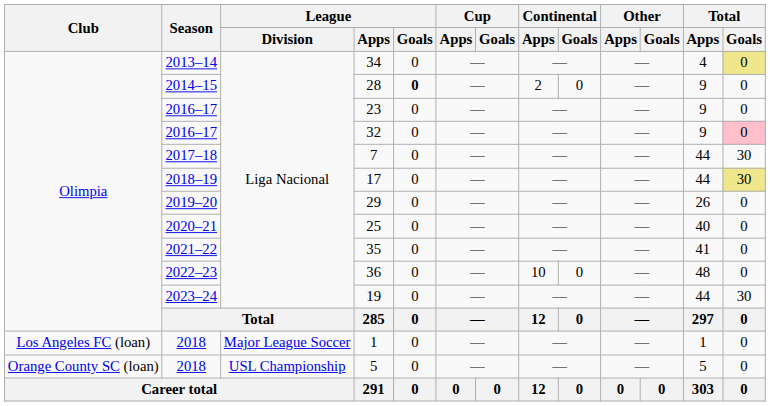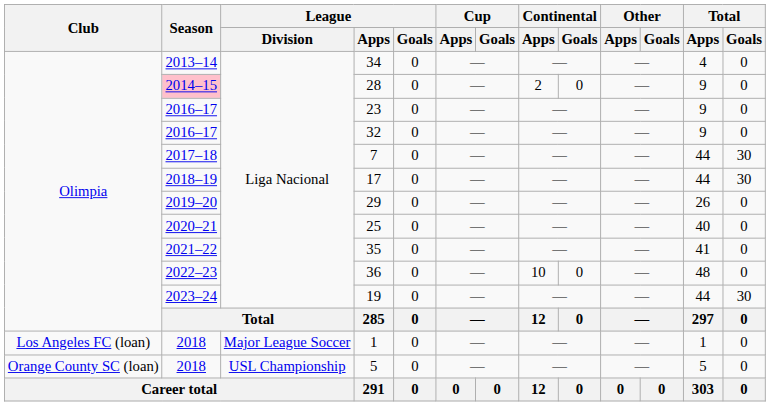 <table class="wikitable" style="text-align:center">
 <tr>
 <th rowspan="2">Club</th>
 <th rowspan="2">Season</th>
 <th colspan="3">League</th>
 <th colspan="2">Cup</th>
 <th colspan="2">Continental</th>
 <th colspan="2">Other</th>
 <th colspan="2">Total</th>
 </tr>
 <tr>
 <th>Division</th>
 <th>Apps</th>
 <th>Goals</th>
 <th>Apps</th>
 <th>Goals</th>
 <th>Apps</th>
 <th>Goals</th>
 <th>Apps</th>
 <th>Goals</th>
 <th>Apps</th>
 <th>Goals</th>
 </tr>
 <tr>
 <td rowspan="12"><a href='#'>Olimpia</a></td>
 <td><a href='#'>2013–14</a></td>
 <td rowspan="11">Liga Nacional</td>
 <td>34</td>
 <td>0</td>
 <td colspan="2">—</td>
 <td colspan="2">—</td>
 <td colspan="2">—</td>
 <td>4</td>
-<td style="background: khaki;">0</td>
+<td>0</td>
 </tr>
 <tr>
-<td><a href='#'>2014–15</a></td>
+<td style="background: pink;"><a href='#'>2014–15</a></td>
 <td>28</td>
-<td><strong>0</strong></td>
+<td>0</td>
 <td colspan="2">—</td>
 <td>2</td>
 <td>0</td>
 <td colspan="2">—</td>
 <td>9</td>
 <td>0</td>
 </tr>
 <tr>
 <td><a href='#'>2016–17</a></td>
 <td>23</td>
 <td>0</td>
 <td colspan="2">—</td>
 <td colspan="2">—</td>
 <td colspan="2">—</td>
 <td>9</td>
 <td>0</td>
 </tr>
 <tr>
 <td><a href='#'>2016–17</a></td>
 <td>32</td>
 <td>0</td>
 <td colspan="2">—</td>
 <td colspan="2">—</td>
 <td colspan="2">—</td>
 <td>9</td>
-<td style="background: pink;">0</td>
+<td>0</td>
 </tr>
 <tr>
 <td><a href='#'>2017–18</a></td>
 <td>7</td>
 <td>0</td>
 <td colspan="2">—</td>
 <td colspan="2">—</td>
 <td colspan="2">—</td>
 <td>44</td>
 <td>30</td>
 </tr>
 <tr>
 <td><a href='#'>2018–19</a></td>
 <td>17</td>
 <td>0</td>
 <td colspan="2">—</td>
 <td colspan="2">—</td>
 <td colspan="2">—</td>
 <td>44</td>
-<td style="background: khaki;">30</td>
+<td>30</td>
 </tr>
 <tr>
 <td><a href='#'>2019–20</a></td>
 <td>29</td>
 <td>0</td>
 <td colspan="2">—</td>
 <td colspan="2">—</td>
 <td colspan="2">—</td>
 <td>26</td>
 <td>0</td>
 </tr>
 <tr>
 <td><a href='#'>2020–21</a></td>
 <td>25</td>
 <td>0</td>
 <td colspan="2">—</td>
 <td colspan="2">—</td>
 <td colspan="2">—</td>
 <td>40</td>
 <td>0</td>
 </tr>
 <tr>
 <td><a href='#'>2021–22</a></td>
 <td>35</td>
 <td>0</td>
 <td colspan="2">—</td>
 <td colspan="2">—</td>
 <td colspan="2">—</td>
 <td>41</td>
 <td>0</td>
 </tr>
 <tr>
 <td><a href='#'>2022–23</a></td>
 <td>36</td>
 <td>0</td>
 <td colspan="2">—</td>
 <td>10</td>
 <td>0</td>
 <td colspan="2">—</td>
 <td>48</td>
 <td>0</td>
 </tr>
 <tr>
 <td><a href='#'>2023–24</a></td>
 <td>19</td>
 <td>0</td>
 <td colspan="2">—</td>
 <td colspan="2">—</td>
 <td colspan="2">—</td>
 <td>44</td>
 <td>30</td>
 </tr>
 <tr>
 <th colspan="2">Total</th>
 <th>285</th>
 <th>0</th>
 <th colspan="2">—</th>
 <th>12</th>
 <th>0</th>
 <th colspan="2">—</th>
 <th>297</th>
 <th>0</th>
 </tr>
 <tr>
 <td><a href='#'>Los Angeles FC</a> (loan)</td>
 <td><a href='#'>2018</a></td>
 <td><a href='#'>Major League Soccer</a></td>
 <td>1</td>
 <td>0</td>
 <td colspan="2">—</td>
 <td colspan="2">—</td>
 <td colspan="2">—</td>
 <td>1</td>
 <td>0</td>
 </tr>
 <tr>
 <td><a href='#'>Orange County SC</a> (loan)</td>
 <td><a href='#'>2018</a></td>
 <td><a href='#'>USL Championship</a></td>
 <td>5</td>
 <td>0</td>
 <td colspan="2">—</td>
 <td colspan="2">—</td>
 <td colspan="2">—</td>
 <td>5</td>
 <td>0</td>
 </tr>
 <tr>
 <th colspan="3">Career total</th>
 <th>291</th>
 <th>0</th>
 <th>0</th>
 <th>0</th>
 <th>12</th>
 <th>0</th>
 <th>0</th>
 <th>0</th>
 <th>303</th>
 <th>0</th>
 </tr>
 </table>
